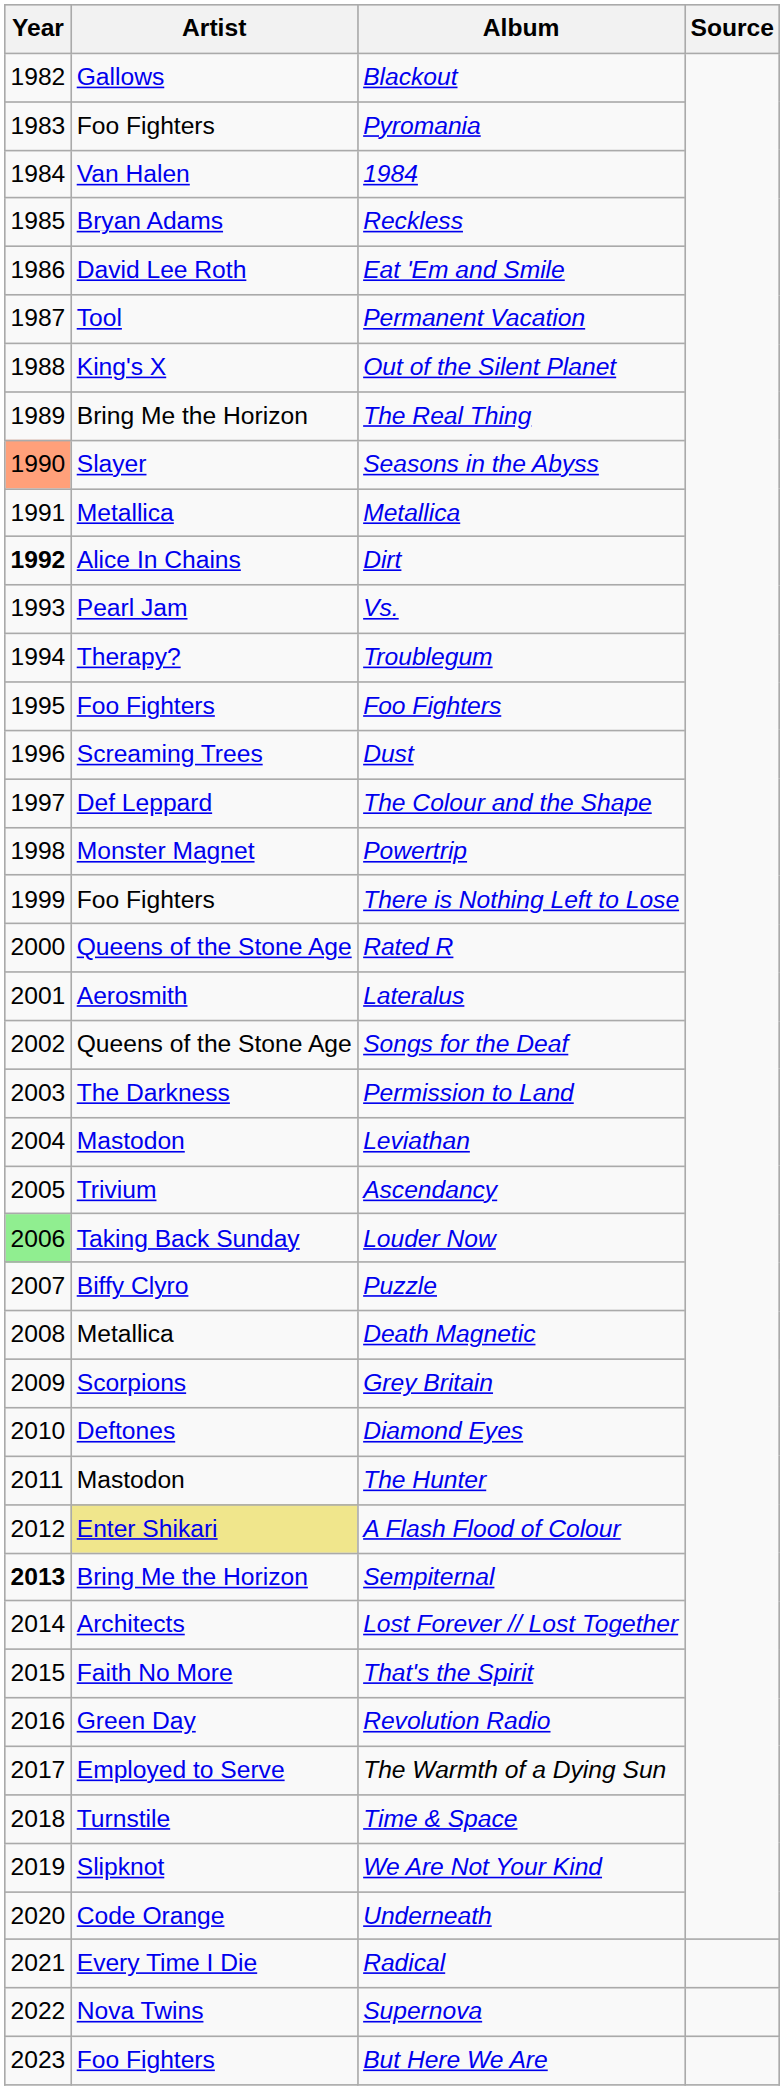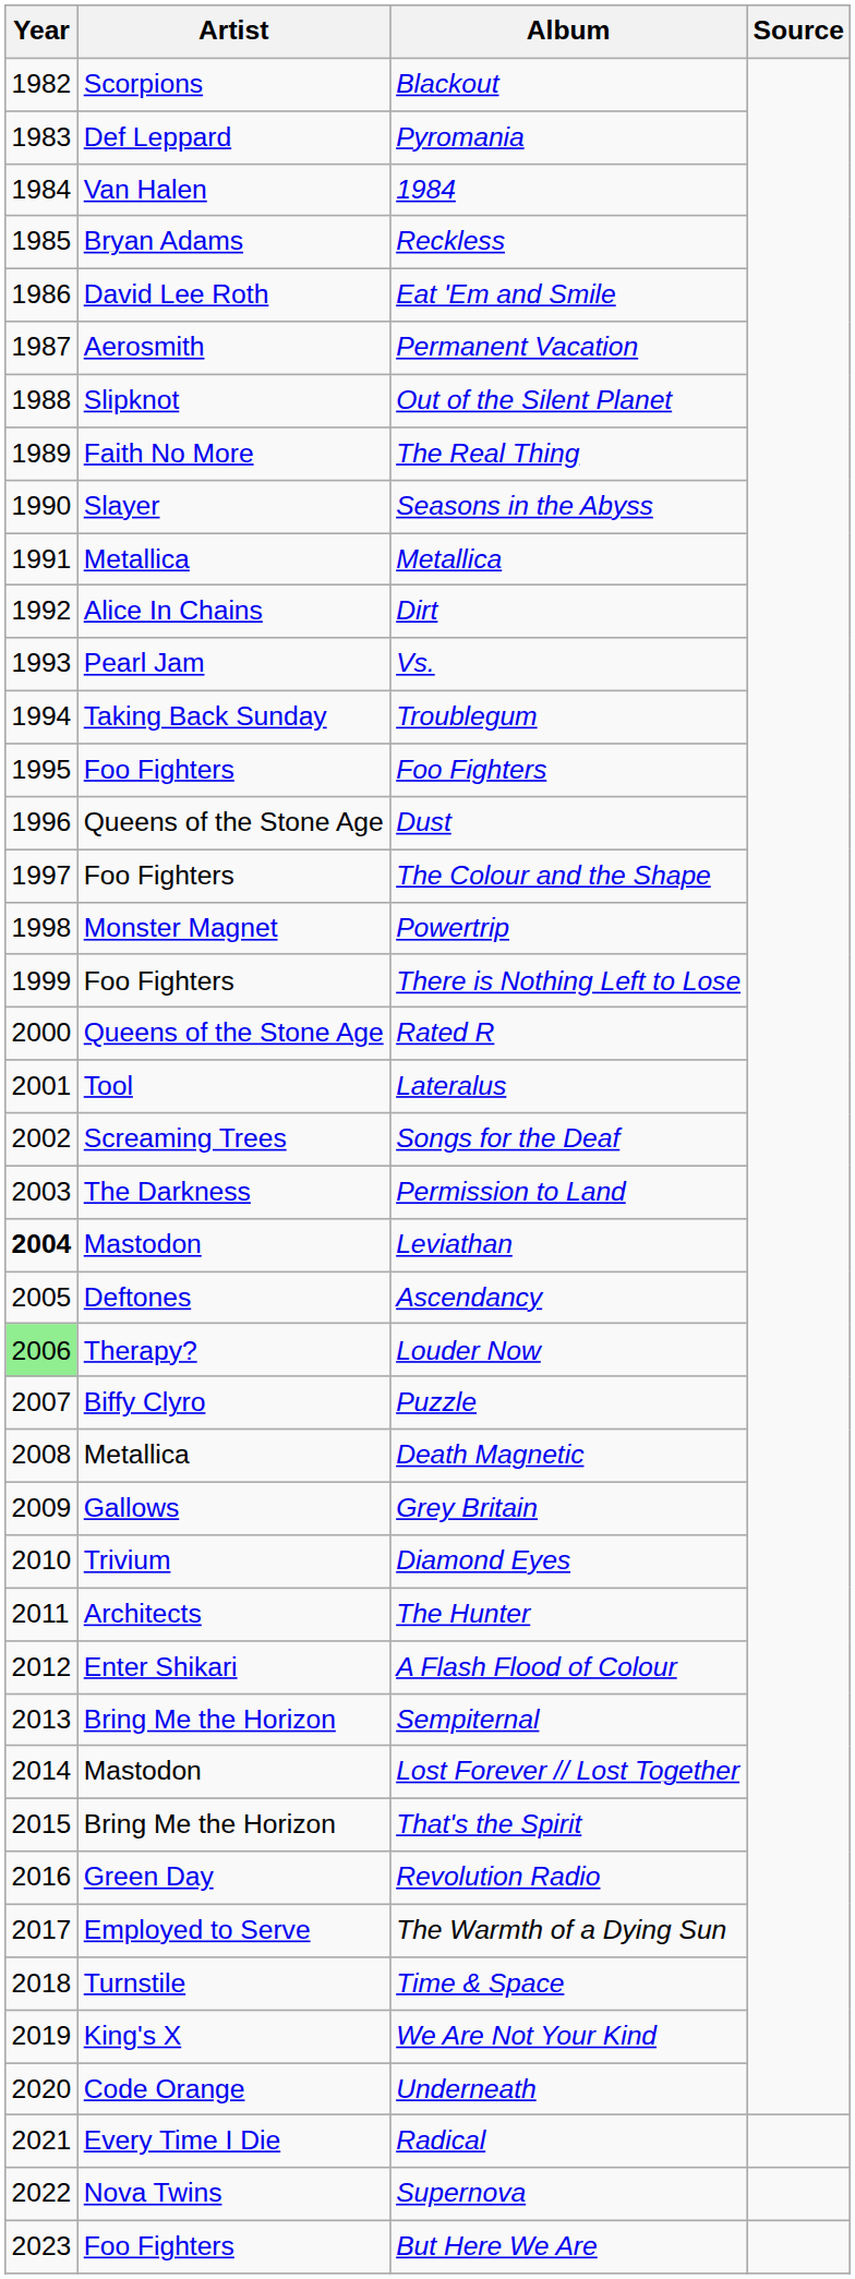 <table class="wikitable" style="font-size:0.95em;line-height:1.5em;">
 <tr>
 <th>Year</th>
 <th>Artist</th>
 <th>Album</th>
 <th>Source</th>
 </tr>
 <tr>
 <td>1982</td>
-<td><a href='#'>Gallows</a></td>
+<td><a href='#'>Scorpions</a></td>
 <td><em><a href='#'>Blackout</a></em></td>
 <td rowspan="39"></td>
 </tr>
 <tr>
 <td>1983</td>
-<td>Foo Fighters</td>
+<td><a href='#'>Def Leppard</a></td>
 <td><em><a href='#'>Pyromania</a></em></td>
 </tr>
 <tr>
 <td>1984</td>
 <td><a href='#'>Van Halen</a></td>
 <td><em><a href='#'>1984</a></em></td>
 </tr>
 <tr>
 <td>1985</td>
 <td><a href='#'>Bryan Adams</a></td>
 <td><em><a href='#'>Reckless</a></em></td>
 </tr>
 <tr>
 <td>1986</td>
 <td><a href='#'>David Lee Roth</a></td>
 <td><em><a href='#'>Eat 'Em and Smile</a></em></td>
 </tr>
 <tr>
 <td>1987</td>
-<td><a href='#'>Tool</a></td>
+<td><a href='#'>Aerosmith</a></td>
 <td><em><a href='#'>Permanent Vacation</a></em></td>
 </tr>
 <tr>
 <td>1988</td>
-<td><a href='#'>King's X</a></td>
+<td><a href='#'>Slipknot</a></td>
 <td><em><a href='#'>Out of the Silent Planet</a></em></td>
 </tr>
 <tr>
 <td>1989</td>
-<td>Bring Me the Horizon</td>
+<td><a href='#'>Faith No More</a></td>
 <td><em><a href='#'>The Real Thing</a></em></td>
 </tr>
 <tr>
-<td style="background: lightsalmon;">1990</td>
+<td>1990</td>
 <td><a href='#'>Slayer</a></td>
 <td><em><a href='#'>Seasons in the Abyss</a></em></td>
 </tr>
 <tr>
 <td>1991</td>
 <td><a href='#'>Metallica</a></td>
 <td><em><a href='#'>Metallica</a></em></td>
 </tr>
 <tr>
-<td><strong>1992</strong></td>
+<td>1992</td>
 <td><a href='#'>Alice In Chains</a></td>
 <td><em><a href='#'>Dirt</a></em></td>
 </tr>
 <tr>
 <td>1993</td>
 <td><a href='#'>Pearl Jam</a></td>
 <td><em><a href='#'>Vs.</a></em></td>
 </tr>
 <tr>
 <td>1994</td>
-<td><a href='#'>Therapy?</a></td>
+<td><a href='#'>Taking Back Sunday</a></td>
 <td><em><a href='#'>Troublegum</a></em></td>
 </tr>
 <tr>
 <td>1995</td>
 <td><a href='#'>Foo Fighters</a></td>
 <td><em><a href='#'>Foo Fighters</a></em></td>
 </tr>
 <tr>
 <td>1996</td>
-<td><a href='#'>Screaming Trees</a></td>
+<td>Queens of the Stone Age</td>
 <td><em><a href='#'>Dust</a></em></td>
 </tr>
 <tr>
 <td>1997</td>
-<td><a href='#'>Def Leppard</a></td>
+<td>Foo Fighters</td>
 <td><em><a href='#'>The Colour and the Shape</a></em></td>
 </tr>
 <tr>
 <td>1998</td>
 <td><a href='#'>Monster Magnet</a></td>
 <td><em><a href='#'>Powertrip</a></em></td>
 </tr>
 <tr>
 <td>1999</td>
 <td>Foo Fighters</td>
 <td><em><a href='#'>There is Nothing Left to Lose</a></em></td>
 </tr>
 <tr>
 <td>2000</td>
 <td><a href='#'>Queens of the Stone Age</a></td>
 <td><em><a href='#'>Rated R</a></em></td>
 </tr>
 <tr>
 <td>2001</td>
-<td><a href='#'>Aerosmith</a></td>
+<td><a href='#'>Tool</a></td>
 <td><em><a href='#'>Lateralus</a></em></td>
 </tr>
 <tr>
 <td>2002</td>
-<td>Queens of the Stone Age</td>
+<td><a href='#'>Screaming Trees</a></td>
 <td><em><a href='#'>Songs for the Deaf</a></em></td>
 </tr>
 <tr>
 <td>2003</td>
 <td><a href='#'>The Darkness</a></td>
 <td><em><a href='#'>Permission to Land</a></em></td>
 </tr>
 <tr>
-<td>2004</td>
+<td><strong>2004</strong></td>
 <td><a href='#'>Mastodon</a></td>
 <td><em><a href='#'>Leviathan</a></em></td>
 </tr>
 <tr>
 <td>2005</td>
-<td><a href='#'>Trivium</a></td>
+<td><a href='#'>Deftones</a></td>
 <td><a href='#'><em>Ascendancy</em></a></td>
 </tr>
 <tr>
 <td style="background: lightgreen;">2006</td>
-<td><a href='#'>Taking Back Sunday</a></td>
+<td><a href='#'>Therapy?</a></td>
 <td><em><a href='#'>Louder Now</a></em></td>
 </tr>
 <tr>
 <td>2007</td>
 <td><a href='#'>Biffy Clyro</a></td>
 <td><em><a href='#'>Puzzle</a></em></td>
 </tr>
 <tr>
 <td>2008</td>
 <td>Metallica</td>
 <td><em><a href='#'>Death Magnetic</a></em></td>
 </tr>
 <tr>
 <td>2009</td>
-<td><a href='#'>Scorpions</a></td>
+<td><a href='#'>Gallows</a></td>
 <td><em><a href='#'>Grey Britain</a></em></td>
 </tr>
 <tr>
 <td>2010</td>
-<td><a href='#'>Deftones</a></td>
+<td><a href='#'>Trivium</a></td>
 <td><em><a href='#'>Diamond Eyes</a></em></td>
 </tr>
 <tr>
 <td>2011</td>
-<td>Mastodon</td>
+<td><a href='#'>Architects</a></td>
 <td><em><a href='#'>The Hunter</a></em></td>
 </tr>
 <tr>
 <td>2012</td>
-<td style="background: khaki;"><a href='#'>Enter Shikari</a></td>
+<td><a href='#'>Enter Shikari</a></td>
 <td><em><a href='#'>A Flash Flood of Colour</a></em></td>
 </tr>
 <tr>
-<td><strong>2013</strong></td>
+<td>2013</td>
 <td><a href='#'>Bring Me the Horizon</a></td>
 <td><em><a href='#'>Sempiternal</a></em></td>
 </tr>
 <tr>
 <td>2014</td>
-<td><a href='#'>Architects</a></td>
+<td>Mastodon</td>
 <td><em><a href='#'>Lost Forever // Lost Together</a></em></td>
 </tr>
 <tr>
 <td>2015</td>
-<td><a href='#'>Faith No More</a></td>
+<td>Bring Me the Horizon</td>
 <td><em><a href='#'>That's the Spirit</a></em></td>
 </tr>
 <tr>
 <td>2016</td>
 <td><a href='#'>Green Day</a></td>
 <td><em><a href='#'>Revolution Radio</a></em></td>
 </tr>
 <tr>
 <td>2017</td>
 <td><a href='#'>Employed to Serve</a></td>
 <td><em>The Warmth of a Dying Sun</em></td>
 </tr>
 <tr>
 <td>2018</td>
 <td><a href='#'>Turnstile</a></td>
 <td><em><a href='#'>Time & Space</a></em></td>
 </tr>
 <tr>
 <td>2019</td>
-<td><a href='#'>Slipknot</a></td>
+<td><a href='#'>King's X</a></td>
 <td><em><a href='#'>We Are Not Your Kind</a></em></td>
 </tr>
 <tr>
 <td>2020</td>
 <td><a href='#'>Code Orange</a></td>
 <td><em><a href='#'>Underneath</a></em></td>
 </tr>
 <tr>
 <td>2021</td>
 <td><a href='#'>Every Time I Die</a></td>
 <td><em><a href='#'>Radical</a></em></td>
 <td></td>
 </tr>
 <tr>
 <td>2022</td>
 <td><a href='#'>Nova Twins</a></td>
 <td><em><a href='#'>Supernova</a></em></td>
 <td></td>
 </tr>
 <tr>
 <td>2023</td>
 <td><a href='#'>Foo Fighters</a></td>
 <td><em><a href='#'>But Here We Are</a></em></td>
 </tr>
 </table>
